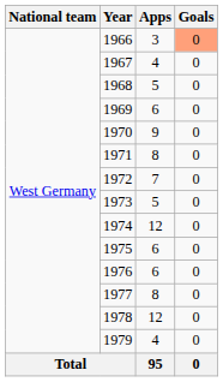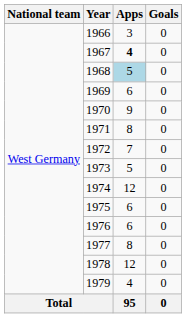 <table class="wikitable" style="text-align:center">
 <tr>
 <th>National team</th>
 <th>Year</th>
 <th>Apps</th>
 <th>Goals</th>
 </tr>
 <tr>
 <td rowspan="14"><a href='#'>West Germany</a></td>
 <td>1966</td>
 <td>3</td>
-<td style="background: lightsalmon;">0</td>
+<td>0</td>
 </tr>
 <tr>
 <td>1967</td>
-<td>4</td>
+<td><strong>4</strong></td>
 <td>0</td>
 </tr>
 <tr>
 <td>1968</td>
-<td>5</td>
+<td style="background: lightblue;">5</td>
 <td>0</td>
 </tr>
 <tr>
 <td>1969</td>
 <td>6</td>
 <td>0</td>
 </tr>
 <tr>
 <td>1970</td>
 <td>9</td>
 <td>0</td>
 </tr>
 <tr>
 <td>1971</td>
 <td>8</td>
 <td>0</td>
 </tr>
 <tr>
 <td>1972</td>
 <td>7</td>
 <td>0</td>
 </tr>
 <tr>
 <td>1973</td>
 <td>5</td>
 <td>0</td>
 </tr>
 <tr>
 <td>1974</td>
 <td>12</td>
 <td>0</td>
 </tr>
 <tr>
 <td>1975</td>
 <td>6</td>
 <td>0</td>
 </tr>
 <tr>
 <td>1976</td>
 <td>6</td>
 <td>0</td>
 </tr>
 <tr>
 <td>1977</td>
 <td>8</td>
 <td>0</td>
 </tr>
 <tr>
 <td>1978</td>
 <td>12</td>
 <td>0</td>
 </tr>
 <tr>
 <td>1979</td>
 <td>4</td>
 <td>0</td>
 </tr>
 <tr>
 <th colspan="2">Total</th>
 <th>95</th>
 <th>0</th>
 </tr>
 </table>
